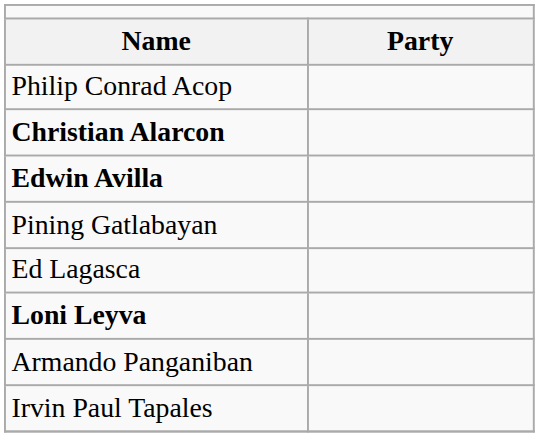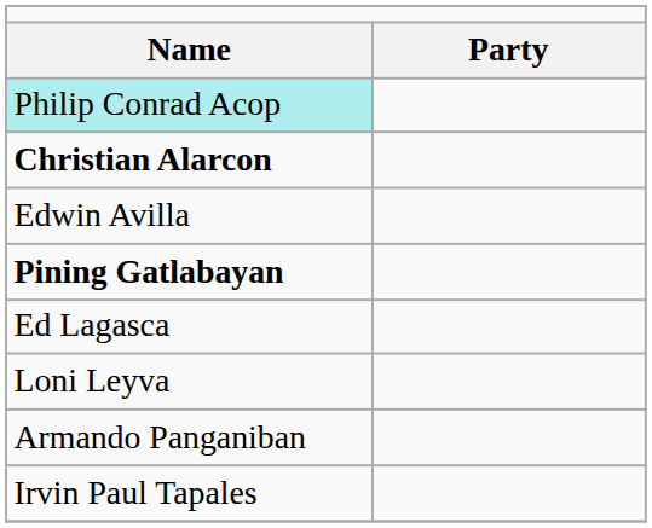 <table class=wikitable style="font-size:90%">
 <tr>
 <td colspan=4 bgcolor=></td>
 </tr>
 <tr>
 <th width=150px>Name</th>
 <th colspan=2 width=110px>Party</th>
 </tr>
 <tr>
-<td>Philip Conrad Acop</td>
+<td style="background: paleturquoise;">Philip Conrad Acop</td>
 <td></td>
 </tr>
 <tr>
 <td><strong>Christian Alarcon</strong></td>
 <td></td>
 </tr>
 <tr>
-<td><strong>Edwin Avilla</strong></td>
+<td>Edwin Avilla</td>
 <td></td>
 </tr>
 <tr>
-<td>Pining Gatlabayan</td>
+<td><strong>Pining Gatlabayan</strong></td>
 <td></td>
 </tr>
 <tr>
 <td>Ed Lagasca</td>
 <td></td>
 </tr>
 <tr>
-<td><strong>Loni Leyva</strong></td>
+<td>Loni Leyva</td>
 <td></td>
 </tr>
 <tr>
 <td>Armando Panganiban</td>
 <td></td>
 </tr>
 <tr>
 <td>Irvin Paul Tapales</td>
 <td></td>
 </tr>
 <tr>
 </tr>
 </table>
